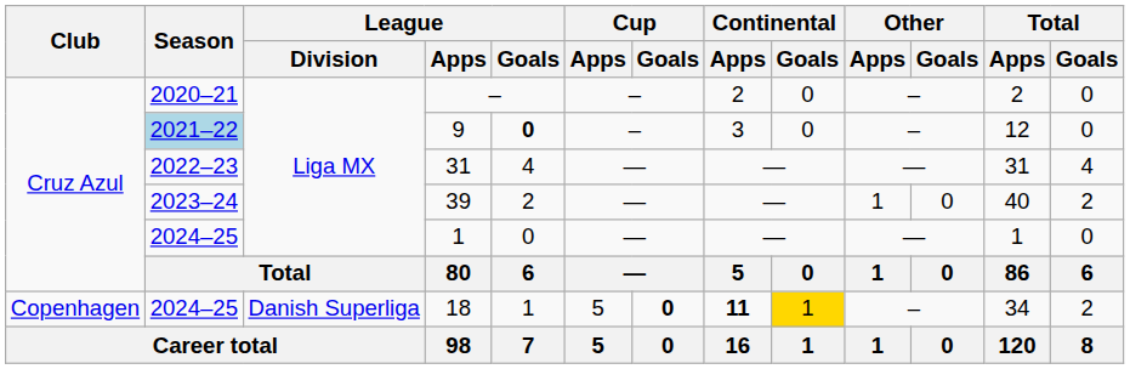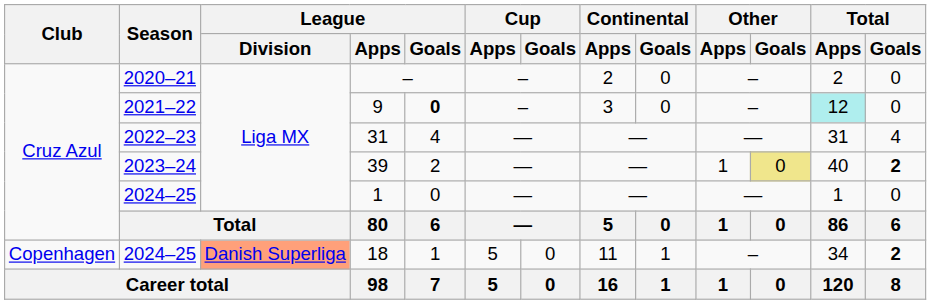 <table class="wikitable" style="text-align:center">
 <tr>
 <th rowspan="2">Club</th>
 <th rowspan="2">Season</th>
 <th colspan="3">League</th>
 <th colspan="2">Cup</th>
 <th colspan="2">Continental</th>
 <th colspan="2">Other</th>
 <th colspan="2">Total</th>
 </tr>
 <tr>
 <th>Division</th>
 <th>Apps</th>
 <th>Goals</th>
 <th>Apps</th>
 <th>Goals</th>
 <th>Apps</th>
 <th>Goals</th>
 <th>Apps</th>
 <th>Goals</th>
 <th>Apps</th>
 <th>Goals</th>
 </tr>
 <tr>
 <td rowspan="6"><a href='#'>Cruz Azul</a></td>
 <td><a href='#'>2020–21</a></td>
 <td rowspan="5"><a href='#'>Liga MX</a></td>
 <td colspan="2">–</td>
 <td colspan="2">–</td>
 <td>2</td>
 <td>0</td>
 <td colspan="2">–</td>
 <td>2</td>
 <td>0</td>
 </tr>
 <tr>
-<td style="background: lightblue;"><a href='#'>2021–22</a></td>
+<td><a href='#'>2021–22</a></td>
 <td>9</td>
 <td><strong>0</strong></td>
 <td colspan="2">–</td>
 <td>3</td>
 <td>0</td>
 <td colspan="2">–</td>
-<td>12</td>
+<td style="background: paleturquoise;">12</td>
 <td>0</td>
 </tr>
 <tr>
 <td><a href='#'>2022–23</a></td>
 <td>31</td>
 <td>4</td>
 <td colspan="2">—</td>
 <td colspan="2">—</td>
 <td colspan="2">—</td>
 <td>31</td>
 <td>4</td>
 </tr>
 <tr>
 <td><a href='#'>2023–24</a></td>
 <td>39</td>
 <td>2</td>
 <td colspan="2">—</td>
 <td colspan="2">—</td>
 <td>1</td>
-<td>0</td>
+<td style="background: khaki;">0</td>
 <td>40</td>
-<td>2</td>
+<td><strong>2</strong></td>
 </tr>
 <tr>
 <td><a href='#'>2024–25</a></td>
 <td>1</td>
 <td>0</td>
 <td colspan="2">—</td>
 <td colspan="2">—</td>
 <td colspan="2">—</td>
 <td>1</td>
 <td>0</td>
 </tr>
 <tr>
 <th colspan="2">Total</th>
 <th>80</th>
 <th>6</th>
 <th colspan="2">—</th>
 <th>5</th>
 <th>0</th>
 <th>1</th>
 <th>0</th>
 <th>86</th>
 <th>6</th>
 </tr>
 <tr>
 <td><a href='#'>Copenhagen</a></td>
 <td><a href='#'>2024–25</a></td>
-<td><a href='#'>Danish Superliga</a></td>
+<td style="background: lightsalmon;"><a href='#'>Danish Superliga</a></td>
 <td>18</td>
 <td>1</td>
 <td>5</td>
-<td><strong>0</strong></td>
-<td><strong>11</strong></td>
-<td style="background: gold;">1</td>
+<td>0</td>
+<td>11</td>
+<td>1</td>
 <td colspan="2">–</td>
 <td>34</td>
-<td>2</td>
+<td><strong>2</strong></td>
 </tr>
 <tr>
 <th colspan="3">Career total</th>
 <th>98</th>
 <th>7</th>
 <th>5</th>
 <th>0</th>
 <th>16</th>
 <th>1</th>
 <th>1</th>
 <th>0</th>
 <th>120</th>
 <th>8</th>
 </tr>
 </table>
